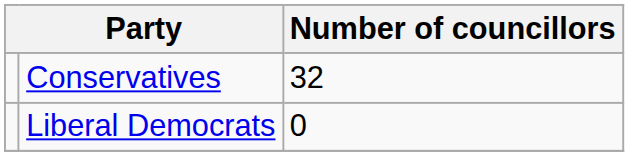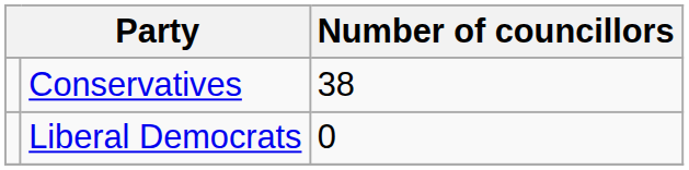 <table class="wikitable">
 <tr>
 <th colspan="2">Party</th>
 <th>Number of councillors</th>
 </tr>
 <tr>
 <td style="background-color: "></td>
 <td><a href='#'>Conservatives</a></td>
-<td>32</td>
+<td>38</td>
 </tr>
 <tr>
 <td style="background-color: "></td>
 <td><a href='#'>Liberal Democrats</a></td>
 <td>0</td>
 </tr>
 <tr>
 </tr>
 </table>
